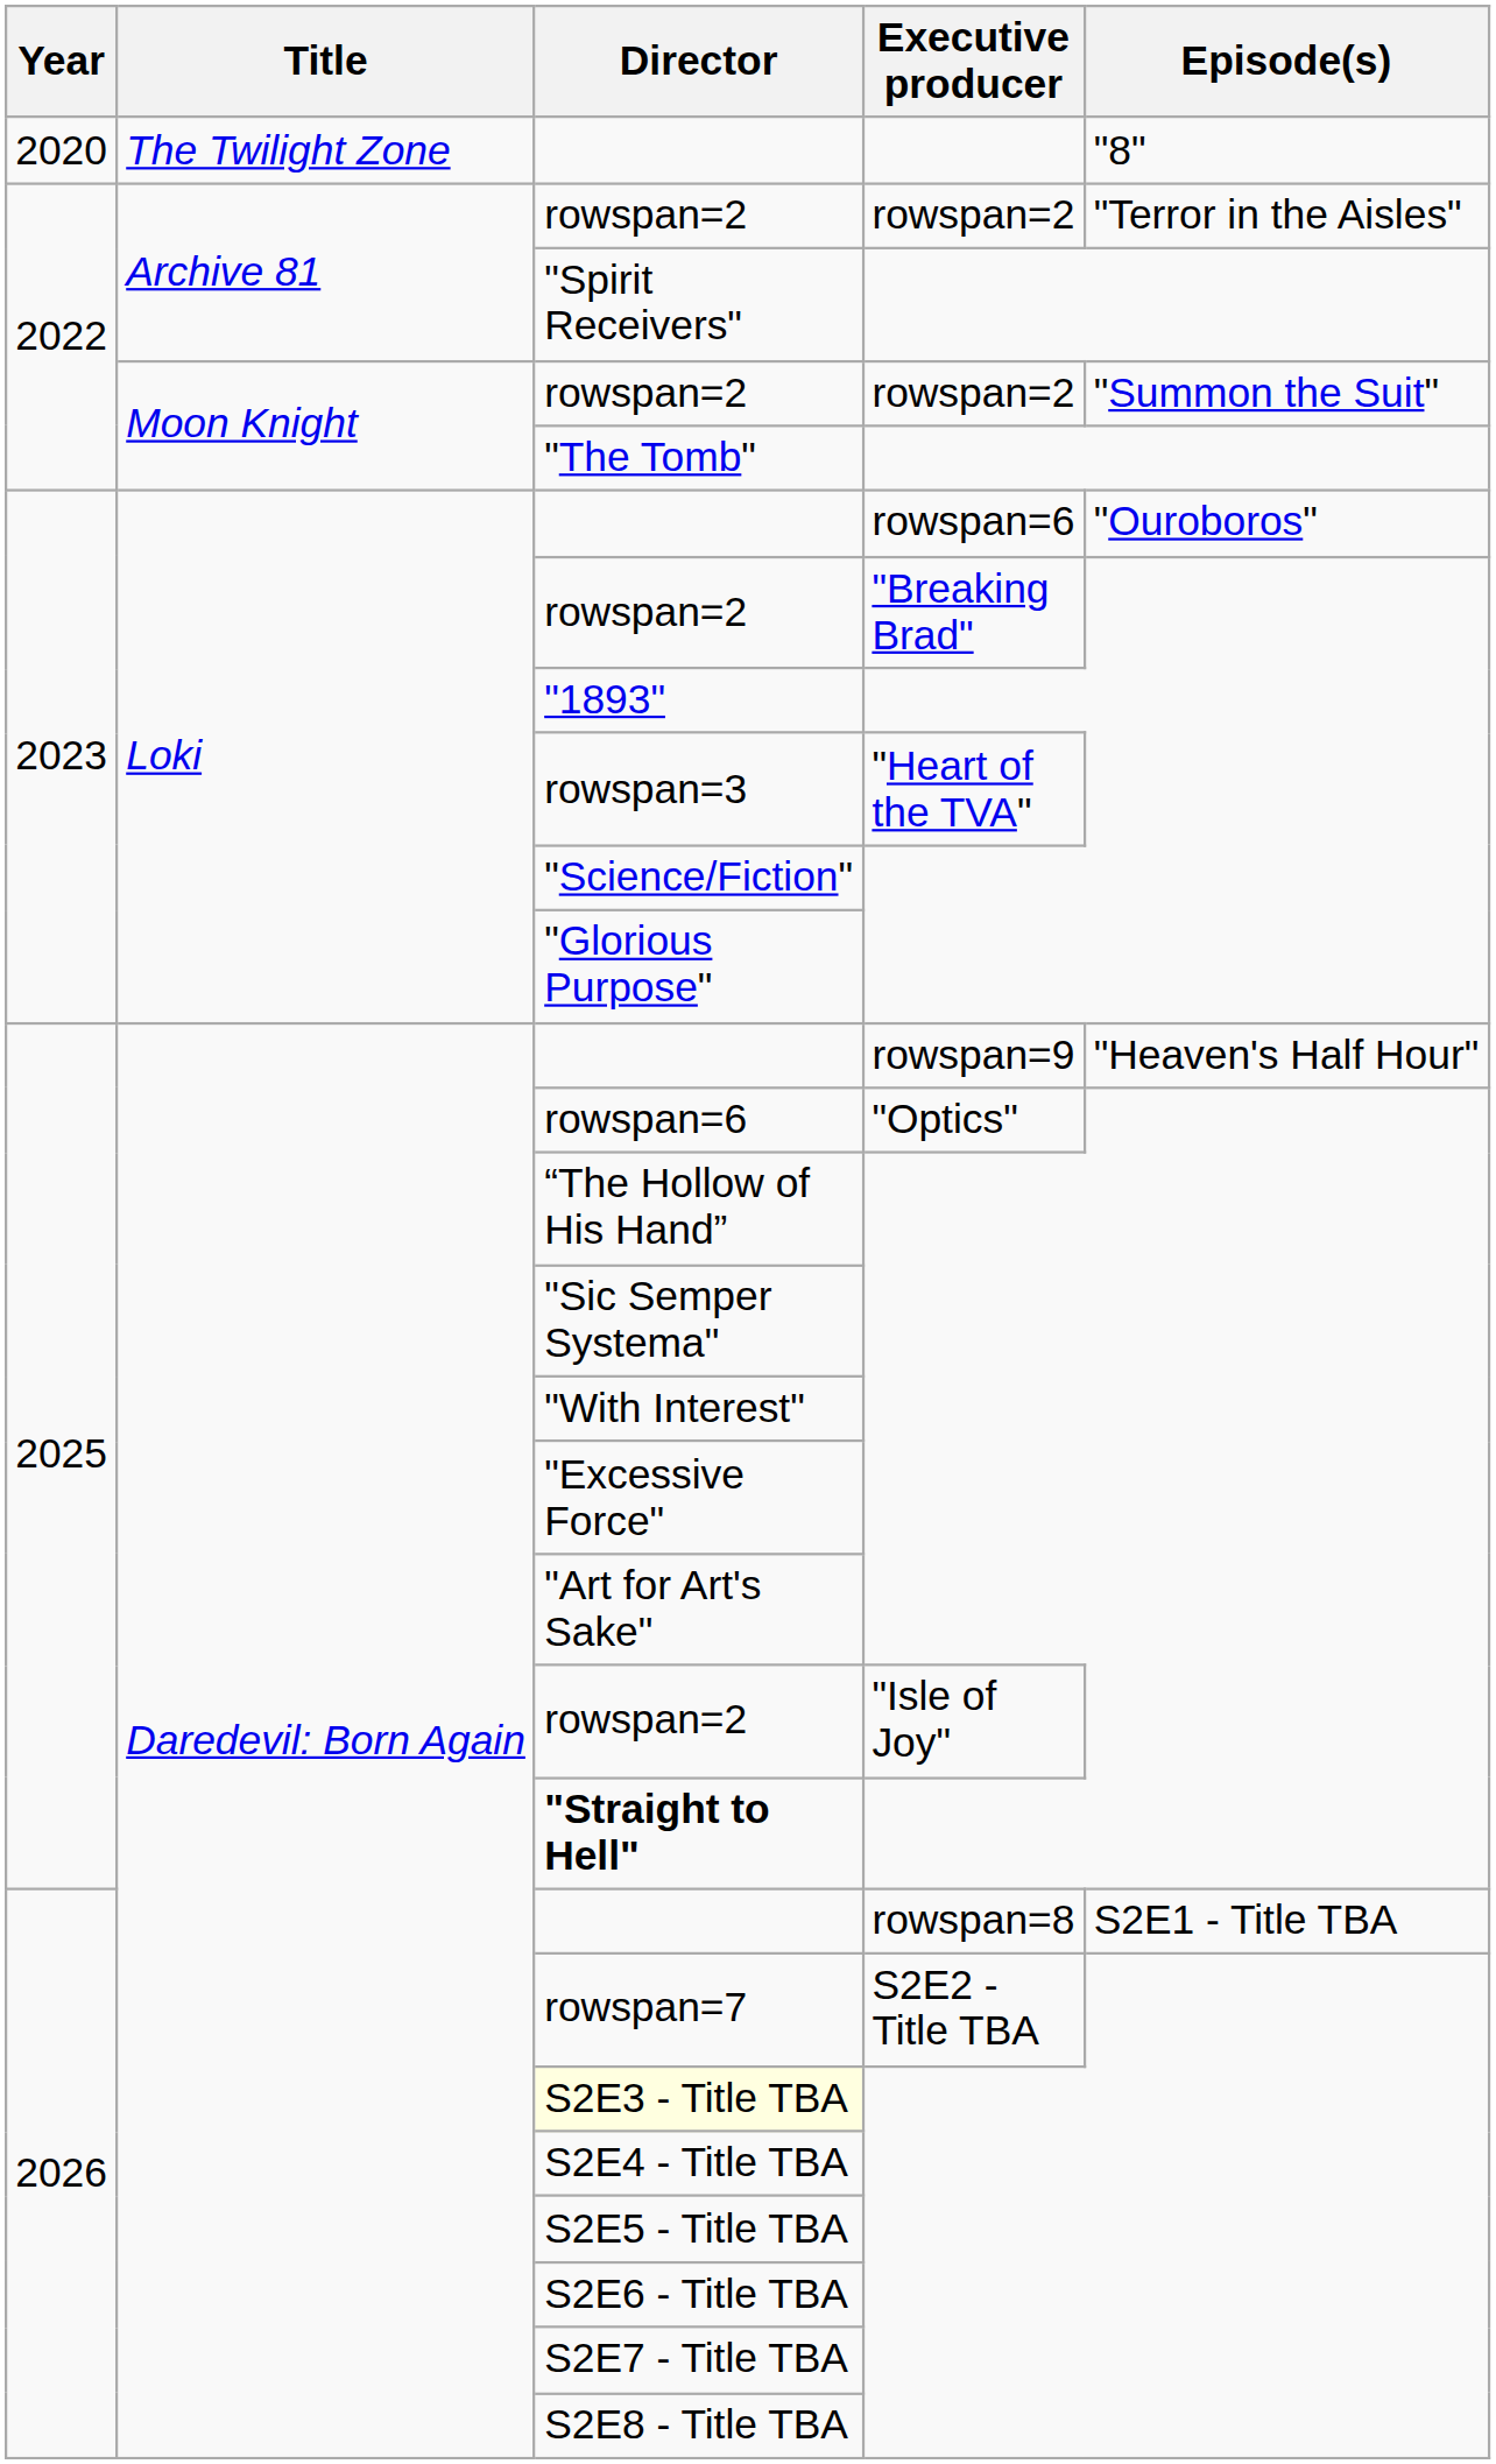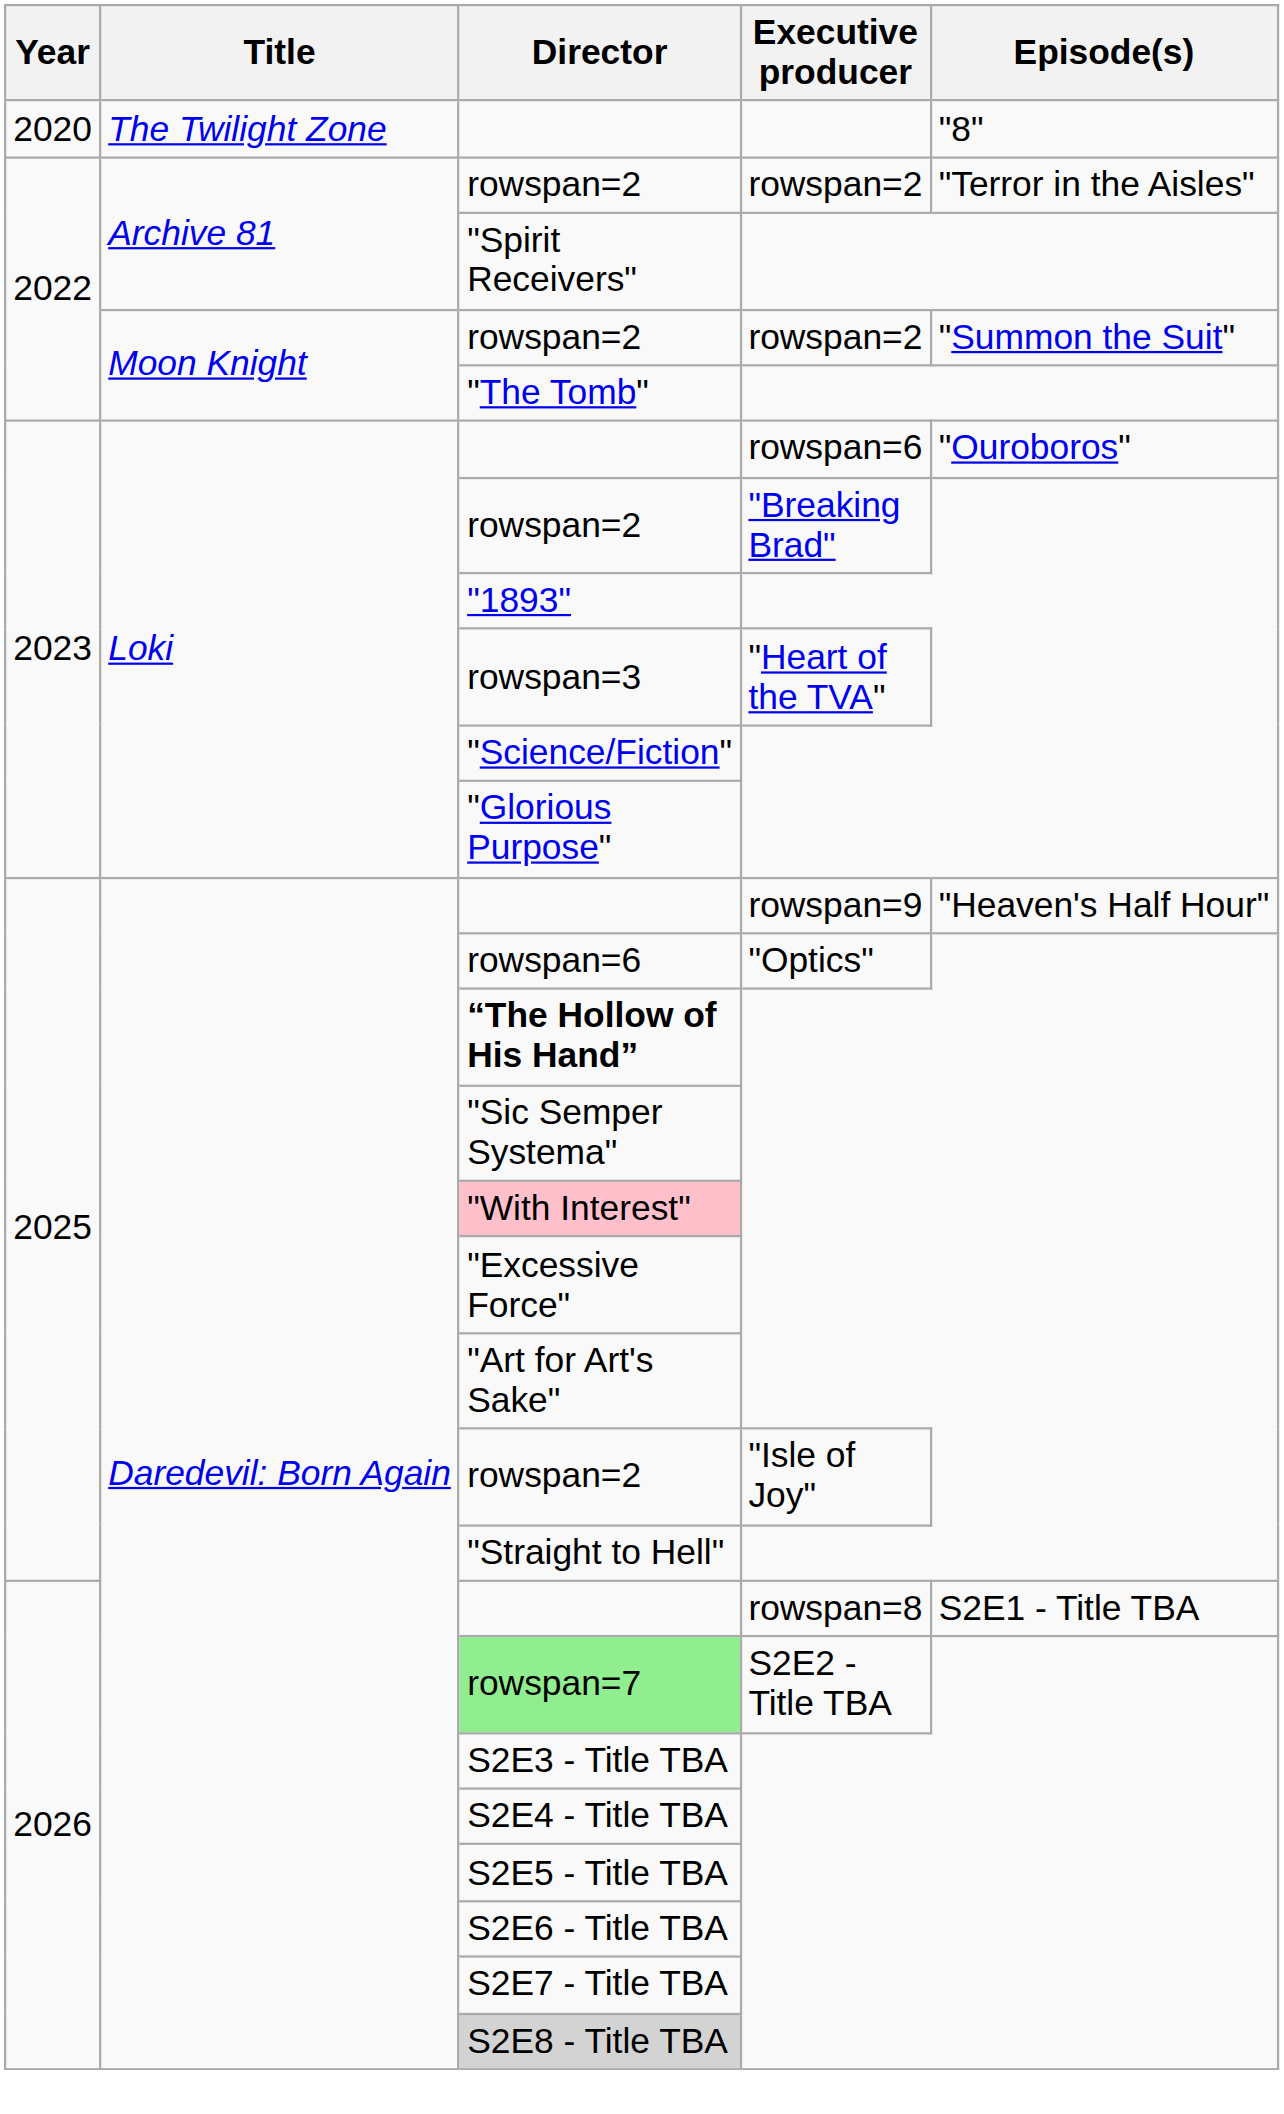 <table class="wikitable">
 <tr>
 <th>Year</th>
 <th>Title</th>
 <th width=65>Director</th>
 <th width=65>Executive<br>producer</th>
 <th>Episode(s)</th>
 </tr>
 <tr>
 <td>2020</td>
 <td><em><a href='#'>The Twilight Zone</a></em></td>
 <td></td>
 <td></td>
 <td>"8"</td>
 </tr>
 <tr>
 <td rowspan=4>2022</td>
 <td rowspan=2><em><a href='#'>Archive 81</a></em></td>
 <td>rowspan=2 </td>
 <td>rowspan=2 </td>
 <td>"Terror in the Aisles"</td>
 </tr>
 <tr>
 <td>"Spirit Receivers"</td>
 </tr>
 <tr>
 <td rowspan=2><em><a href='#'>Moon Knight</a></em></td>
 <td>rowspan=2 </td>
 <td>rowspan=2 </td>
 <td>"<a href='#'>Summon the Suit</a>"</td>
 </tr>
 <tr>
 <td>"<a href='#'>The Tomb</a>"</td>
 </tr>
 <tr>
 <td rowspan="6">2023</td>
 <td rowspan="6"><em><a href='#'>Loki</a></em></td>
 <td></td>
 <td>rowspan=6 </td>
 <td>"<a href='#'>Ouroboros</a>"</td>
 </tr>
 <tr>
 <td>rowspan=2 </td>
 <td><a href='#'>"Breaking Brad"</a></td>
 </tr>
 <tr>
 <td><a href='#'>"1893"</a></td>
 </tr>
 <tr>
 <td>rowspan=3 </td>
 <td>"<a href='#'>Heart of the TVA</a>"</td>
 </tr>
 <tr>
 <td>"<a href='#'>Science/Fiction</a>"</td>
 </tr>
 <tr>
 <td>"<a href='#'>Glorious Purpose</a>"</td>
 </tr>
 <tr>
 <td rowspan=9>2025</td>
 <td rowspan=17><em><a href='#'>Daredevil: Born Again</a></em></td>
 <td></td>
 <td>rowspan=9 </td>
 <td>"Heaven's Half Hour"</td>
 </tr>
 <tr>
 <td>rowspan=6 </td>
 <td>"Optics"</td>
 </tr>
 <tr>
-<td>“The Hollow of His Hand”</td>
+<td><strong>“The Hollow of His Hand”</strong></td>
 </tr>
 <tr>
 <td>"Sic Semper Systema"</td>
 </tr>
 <tr>
-<td>"With Interest"</td>
+<td style="background: pink;">"With Interest"</td>
 </tr>
 <tr>
 <td>"Excessive Force"</td>
 </tr>
 <tr>
 <td>"Art for Art's Sake"</td>
 </tr>
 <tr>
 <td>rowspan=2 </td>
 <td>"Isle of Joy"</td>
 </tr>
 <tr>
-<td><strong>"Straight to Hell"</strong></td>
+<td>"Straight to Hell"</td>
 </tr>
 <tr>
 <td rowspan=8>2026</td>
 <td></td>
 <td>rowspan=8 </td>
 <td>S2E1 - Title TBA</td>
 </tr>
 <tr>
-<td>rowspan=7 </td>
+<td style="background: lightgreen;">rowspan=7 </td>
 <td>S2E2 - Title TBA</td>
 </tr>
 <tr>
-<td style="background: lightyellow;">S2E3 - Title TBA</td>
+<td>S2E3 - Title TBA</td>
 </tr>
 <tr>
 <td>S2E4 - Title TBA</td>
 </tr>
 <tr>
 <td>S2E5 - Title TBA</td>
 </tr>
 <tr>
 <td>S2E6 - Title TBA</td>
 </tr>
 <tr>
 <td>S2E7 - Title TBA</td>
 </tr>
 <tr>
-<td>S2E8 - Title TBA</td>
+<td style="background: lightgrey;">S2E8 - Title TBA</td>
 </tr>
 </table>
